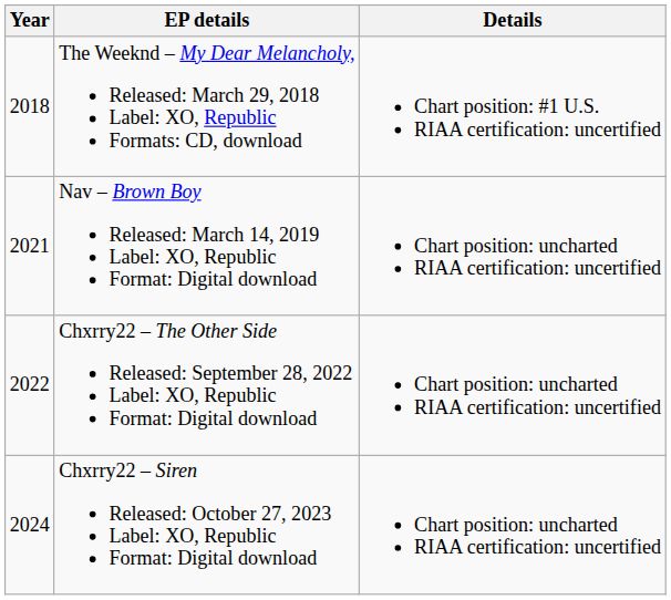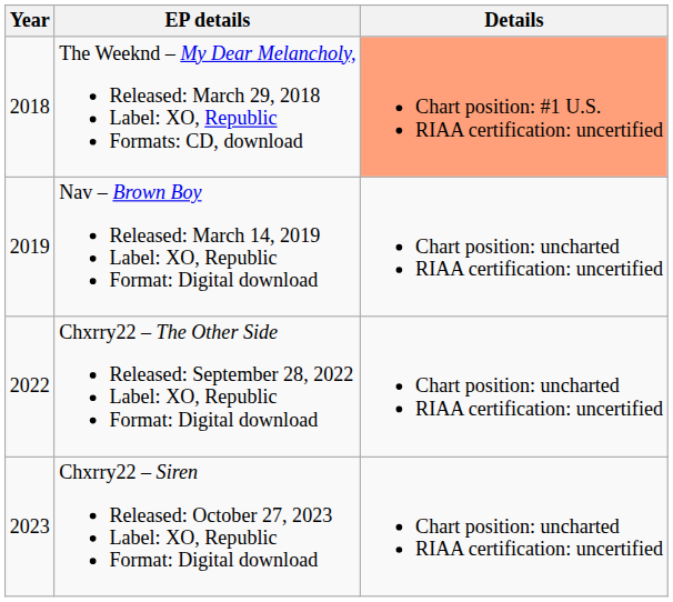 <table class="wikitable sortable">
 <tr>
 <th>Year</th>
 <th class="unsortable">EP details</th>
 <th>Details</th>
 </tr>
 <tr>
 <td style="text-align:center;">2018</td>
 <td>The Weeknd – <em><a href='#'>My Dear Melancholy,</a></em><br><ul><li>Released: March 29, 2018</li><li>Label: XO, <a href='#'>Republic</a></li><li>Formats: CD, download</li></ul></td>
-<td><br><ul><li>Chart position: #1 U.S.</li><li>RIAA certification: uncertified</li></ul></td>
+<td style="background: lightsalmon;"><br><ul><li>Chart position: #1 U.S.</li><li>RIAA certification: uncertified</li></ul></td>
 </tr>
 <tr>
-<td style="text-align:center;">2021</td>
+<td style="text-align:center;">2019</td>
 <td>Nav – <em><a href='#'>Brown Boy</a></em><br><ul><li>Released: March 14, 2019</li><li>Label: XO, Republic</li><li>Format: Digital download</li></ul></td>
 <td><br><ul><li>Chart position: uncharted</li><li>RIAA certification: uncertified</li></ul></td>
 </tr>
 <tr>
 <td style="text-align:center;">2022</td>
 <td>Chxrry22 – <em>The Other Side</em><br><ul><li>Released: September 28, 2022</li><li>Label: XO, Republic</li><li>Format: Digital download</li></ul></td>
 <td><br><ul><li>Chart position: uncharted</li><li>RIAA certification: uncertified</li></ul></td>
 </tr>
 <tr>
-<td style="text-align:center;">2024</td>
+<td style="text-align:center;">2023</td>
 <td>Chxrry22 – <em>Siren</em><br><ul><li>Released: October 27, 2023</li><li>Label: XO, Republic</li><li>Format: Digital download</li></ul></td>
 <td><br><ul><li>Chart position: uncharted</li><li>RIAA certification: uncertified</li></ul></td>
 </tr>
 </table>
